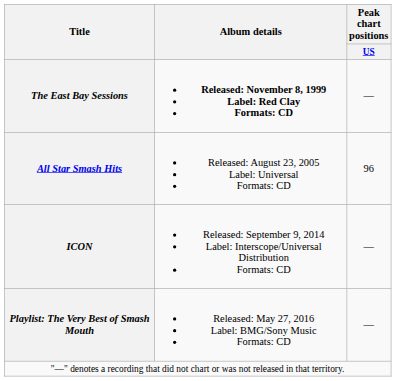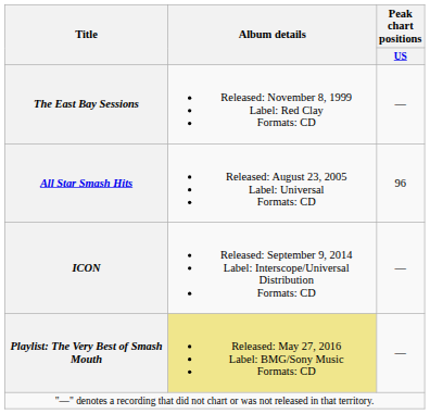 <table class="wikitable plainrowheaders" style="text-align:center;" border="1">
 <tr>
 <th scope="col" rowspan="2" style="width:14em;">Title</th>
 <th scope="col" rowspan="2" style="width:18em;">Album details</th>
 <th scope="col" colspan="1">Peak chart positions</th>
 </tr>
 <tr>
 <th scope="col" style="width:3em;font-size:90%;"><a href='#'>US</a><br></th>
 </tr>
 <tr>
 <th scope="row"><em>The East Bay Sessions</em></th>
-<td><strong><br><ul><li>Released: November 8, 1999</li><li>Label: Red Clay</li><li>Formats: CD</li></ul></strong></td>
+<td><br><ul><li>Released: November 8, 1999</li><li>Label: Red Clay</li><li>Formats: CD</li></ul></td>
 <td>—</td>
 </tr>
 <tr>
 <th scope="row"><em><a href='#'>All Star Smash Hits</a></em></th>
 <td><br><ul><li>Released: August 23, 2005</li><li>Label: Universal</li><li>Formats: CD</li></ul></td>
 <td>96</td>
 </tr>
 <tr>
 <th scope="row"><em>ICON</em></th>
 <td><br><ul><li>Released: September 9, 2014</li><li>Label: Interscope/Universal Distribution</li><li>Formats: CD</li></ul></td>
 <td>—</td>
 </tr>
 <tr>
 <th scope="row"><em>Playlist: The Very Best of Smash Mouth</em></th>
-<td><br><ul><li>Released: May 27, 2016</li><li>Label: BMG/Sony Music</li><li>Formats: CD</li></ul></td>
+<td style="background: khaki;"><br><ul><li>Released: May 27, 2016</li><li>Label: BMG/Sony Music</li><li>Formats: CD</li></ul></td>
 <td>—</td>
 </tr>
 <tr>
 <td colspan="5" style="font-size:90%">"—" denotes a recording that did not chart or was not released in that territory.</td>
 </tr>
 </table>
